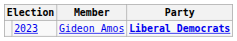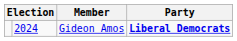 <table class="wikitable">
 <tr>
 <th colspan="2">Election</th>
 <th>Member</th>
 <th>Party</th>
 </tr>
 <tr>
 <td style="color:inherit;background-color: "></td>
-<td><a href='#'>2023</a></td>
+<td><a href='#'>2024</a></td>
 <td><a href='#'>Gideon Amos</a></td>
 <td><strong><a href='#'>Liberal Democrats</a></strong></td>
 </tr>
 </table>
